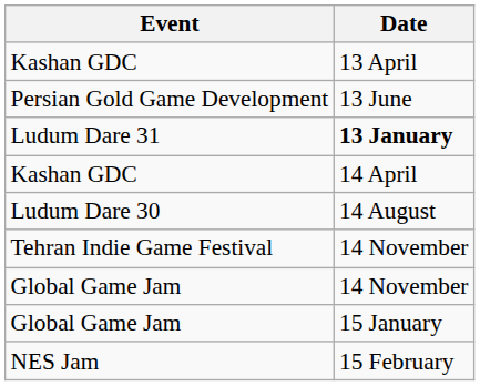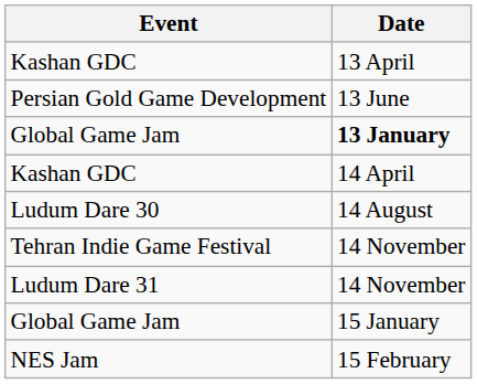 <table class="wikitable">
 <tr>
 <th>Event</th>
 <th>Date</th>
 </tr>
 <tr>
 <td>Kashan GDC</td>
 <td>13 April</td>
 </tr>
 <tr>
 <td>Persian Gold Game Development</td>
 <td>13 June</td>
 </tr>
 <tr>
-<td>Ludum Dare 31</td>
+<td>Global Game Jam</td>
 <td><strong>13 January</strong></td>
 </tr>
 <tr>
 <td>Kashan GDC</td>
 <td>14 April</td>
 </tr>
 <tr>
 <td>Ludum Dare 30</td>
 <td>14 August</td>
 </tr>
 <tr>
 <td>Tehran Indie Game Festival</td>
 <td>14 November</td>
 </tr>
 <tr>
-<td>Global Game Jam</td>
+<td>Ludum Dare 31</td>
 <td>14 November</td>
 </tr>
 <tr>
 <td>Global Game Jam</td>
 <td>15 January</td>
 </tr>
 <tr>
 <td>NES Jam</td>
 <td>15 February</td>
 </tr>
 </table>
